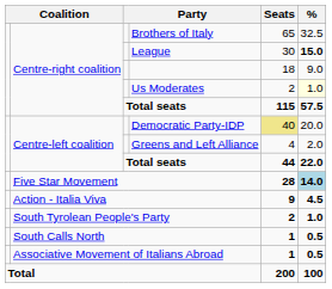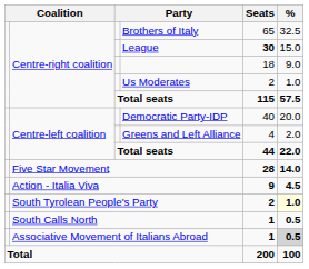 <table class="wikitable" style="text-align:right">
 <tr>
 <th colspan="2" rowspan="1">Coalition</th>
 <th colspan="2" rowspan="1">Party</th>
 <th style="text-align:center;">Seats</th>
 <th style="text-align:center;">%</th>
 </tr>
 <tr>
 <td rowspan="5"></td>
 <td rowspan="5" style="text-align:left;"><a href='#'>Centre-right coalition</a></td>
 <td></td>
 <td align="left"><a href='#'>Brothers of Italy</a></td>
 <td>65</td>
 <td>32.5</td>
 </tr>
 <tr>
 <td></td>
 <td align="left"><a href='#'>League</a></td>
-<td>30</td>
-<td><strong>15.0</strong></td>
+<td><strong>30</strong></td>
+<td>15.0</td>
 </tr>
 <tr>
 <td></td>
 <td align="left"></td>
 <td>18</td>
 <td>9.0</td>
 </tr>
 <tr>
 <td></td>
 <td align="left"><a href='#'>Us Moderates</a></td>
 <td>2</td>
-<td style="background: lightyellow;">1.0</td>
+<td>1.0</td>
 </tr>
 <tr>
 <td colspan="2" style="text-align:left;"><strong>Total seats</strong></td>
 <td><strong>115</strong></td>
 <td><strong>57.5</strong></td>
 </tr>
 <tr>
 <td rowspan="3"></td>
 <td rowspan="3" style="text-align:left;"><a href='#'>Centre-left coalition</a></td>
 <td></td>
 <td style="text-align:left;"><a href='#'>Democratic Party-IDP</a></td>
-<td style="background: khaki;">40</td>
+<td>40</td>
 <td>20.0</td>
 </tr>
 <tr>
 <td></td>
 <td style="text-align:left;"><a href='#'>Greens and Left Alliance</a></td>
 <td>4</td>
 <td>2.0</td>
 </tr>
 <tr>
 <td colspan="2" style="text-align:left;"><strong>Total seats</strong></td>
 <td><strong>44</strong></td>
 <td><strong>22.0</strong></td>
 </tr>
 <tr>
 <td style="background:"></td>
 <td colspan="3" style="text-align:left;"><a href='#'>Five Star Movement</a></td>
 <td><strong>28</strong></td>
-<td style="background: lightblue;"><strong>14.0</strong></td>
+<td><strong>14.0</strong></td>
 </tr>
 <tr>
 <td style="background:"></td>
 <td colspan="3" style="text-align:left;"><a href='#'>Action - Italia Viva</a></td>
 <td><strong>9</strong></td>
 <td><strong>4.5</strong></td>
 </tr>
 <tr>
 <td style="background:"></td>
 <td colspan="3" style="text-align:left;"><a href='#'>South Tyrolean People's Party</a></td>
 <td><strong>2</strong></td>
-<td><strong>1.0</strong></td>
+<td style="background: lightyellow;"><strong>1.0</strong></td>
 </tr>
 <tr>
 <td></td>
 <td colspan="3" style="text-align:left;"><a href='#'>South Calls North</a></td>
 <td><strong>1</strong></td>
 <td><strong>0.5</strong></td>
 </tr>
 <tr>
 <td></td>
 <td colspan="3" style="text-align:left;"><a href='#'>Associative Movement of Italians Abroad</a></td>
 <td><strong>1</strong></td>
-<td><strong>0.5</strong></td>
+<td style="background: lightgrey;"><strong>0.5</strong></td>
 </tr>
 <tr>
 <td colspan="4" style="text-align:left;"><strong>Total</strong></td>
 <td><strong>200</strong></td>
 <td><strong>100</strong></td>
 </tr>
 </table>
